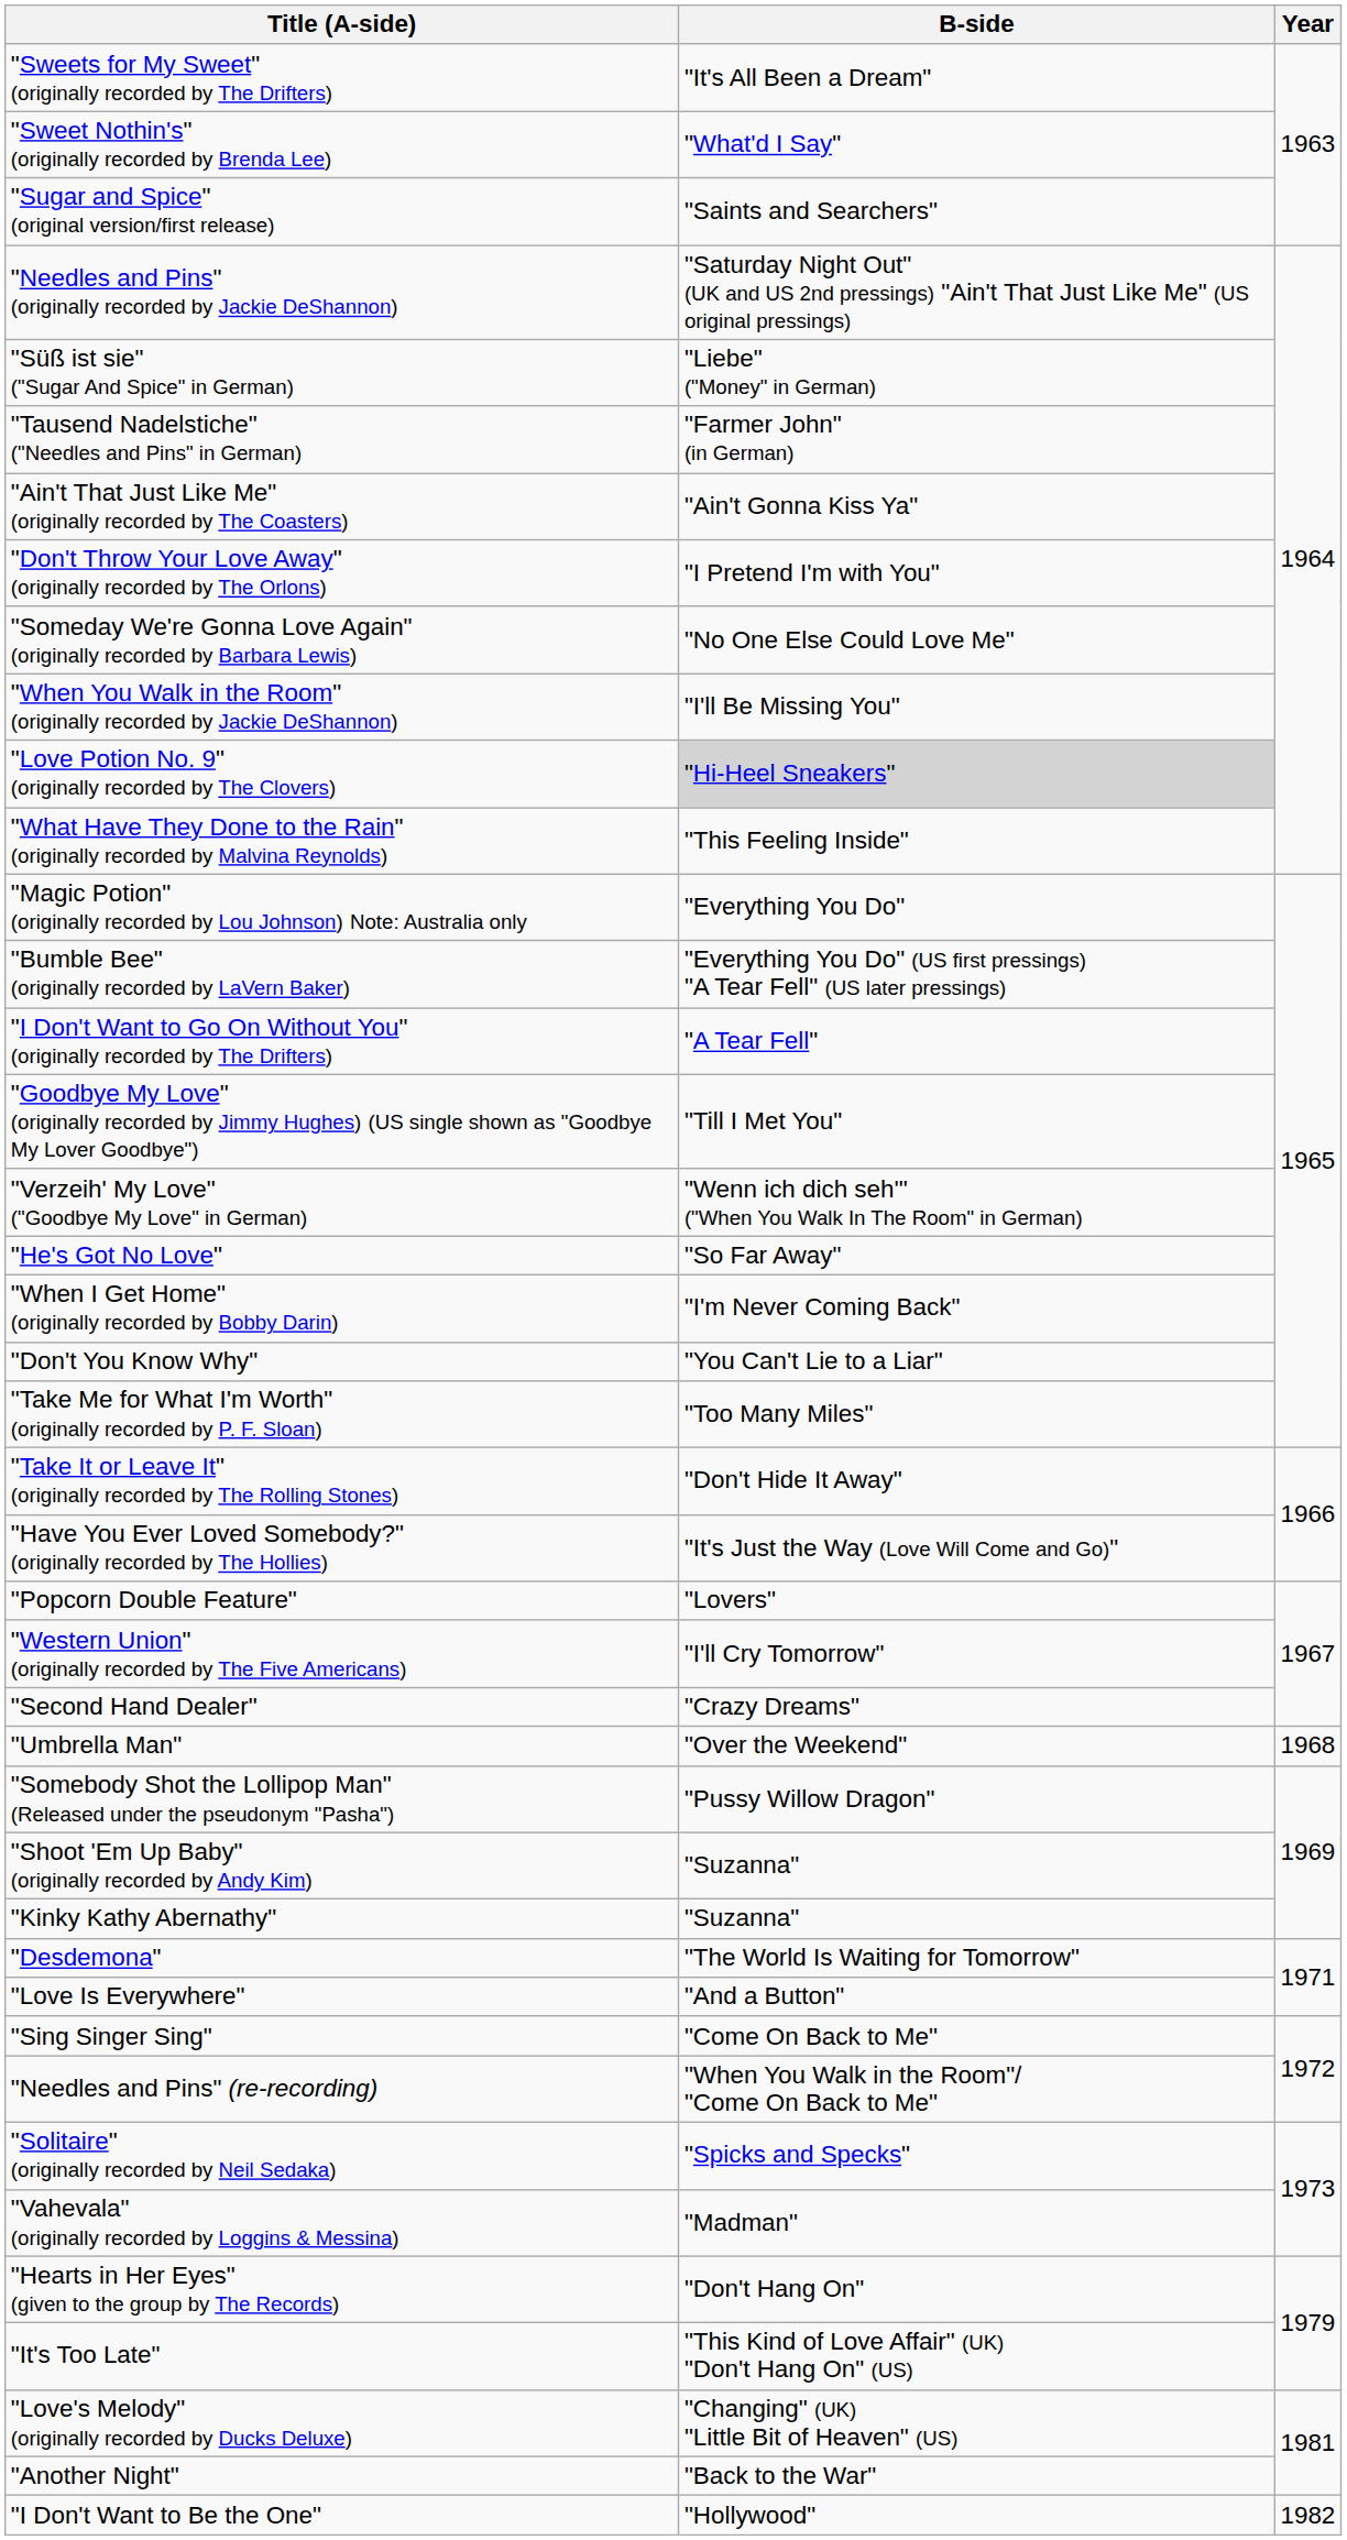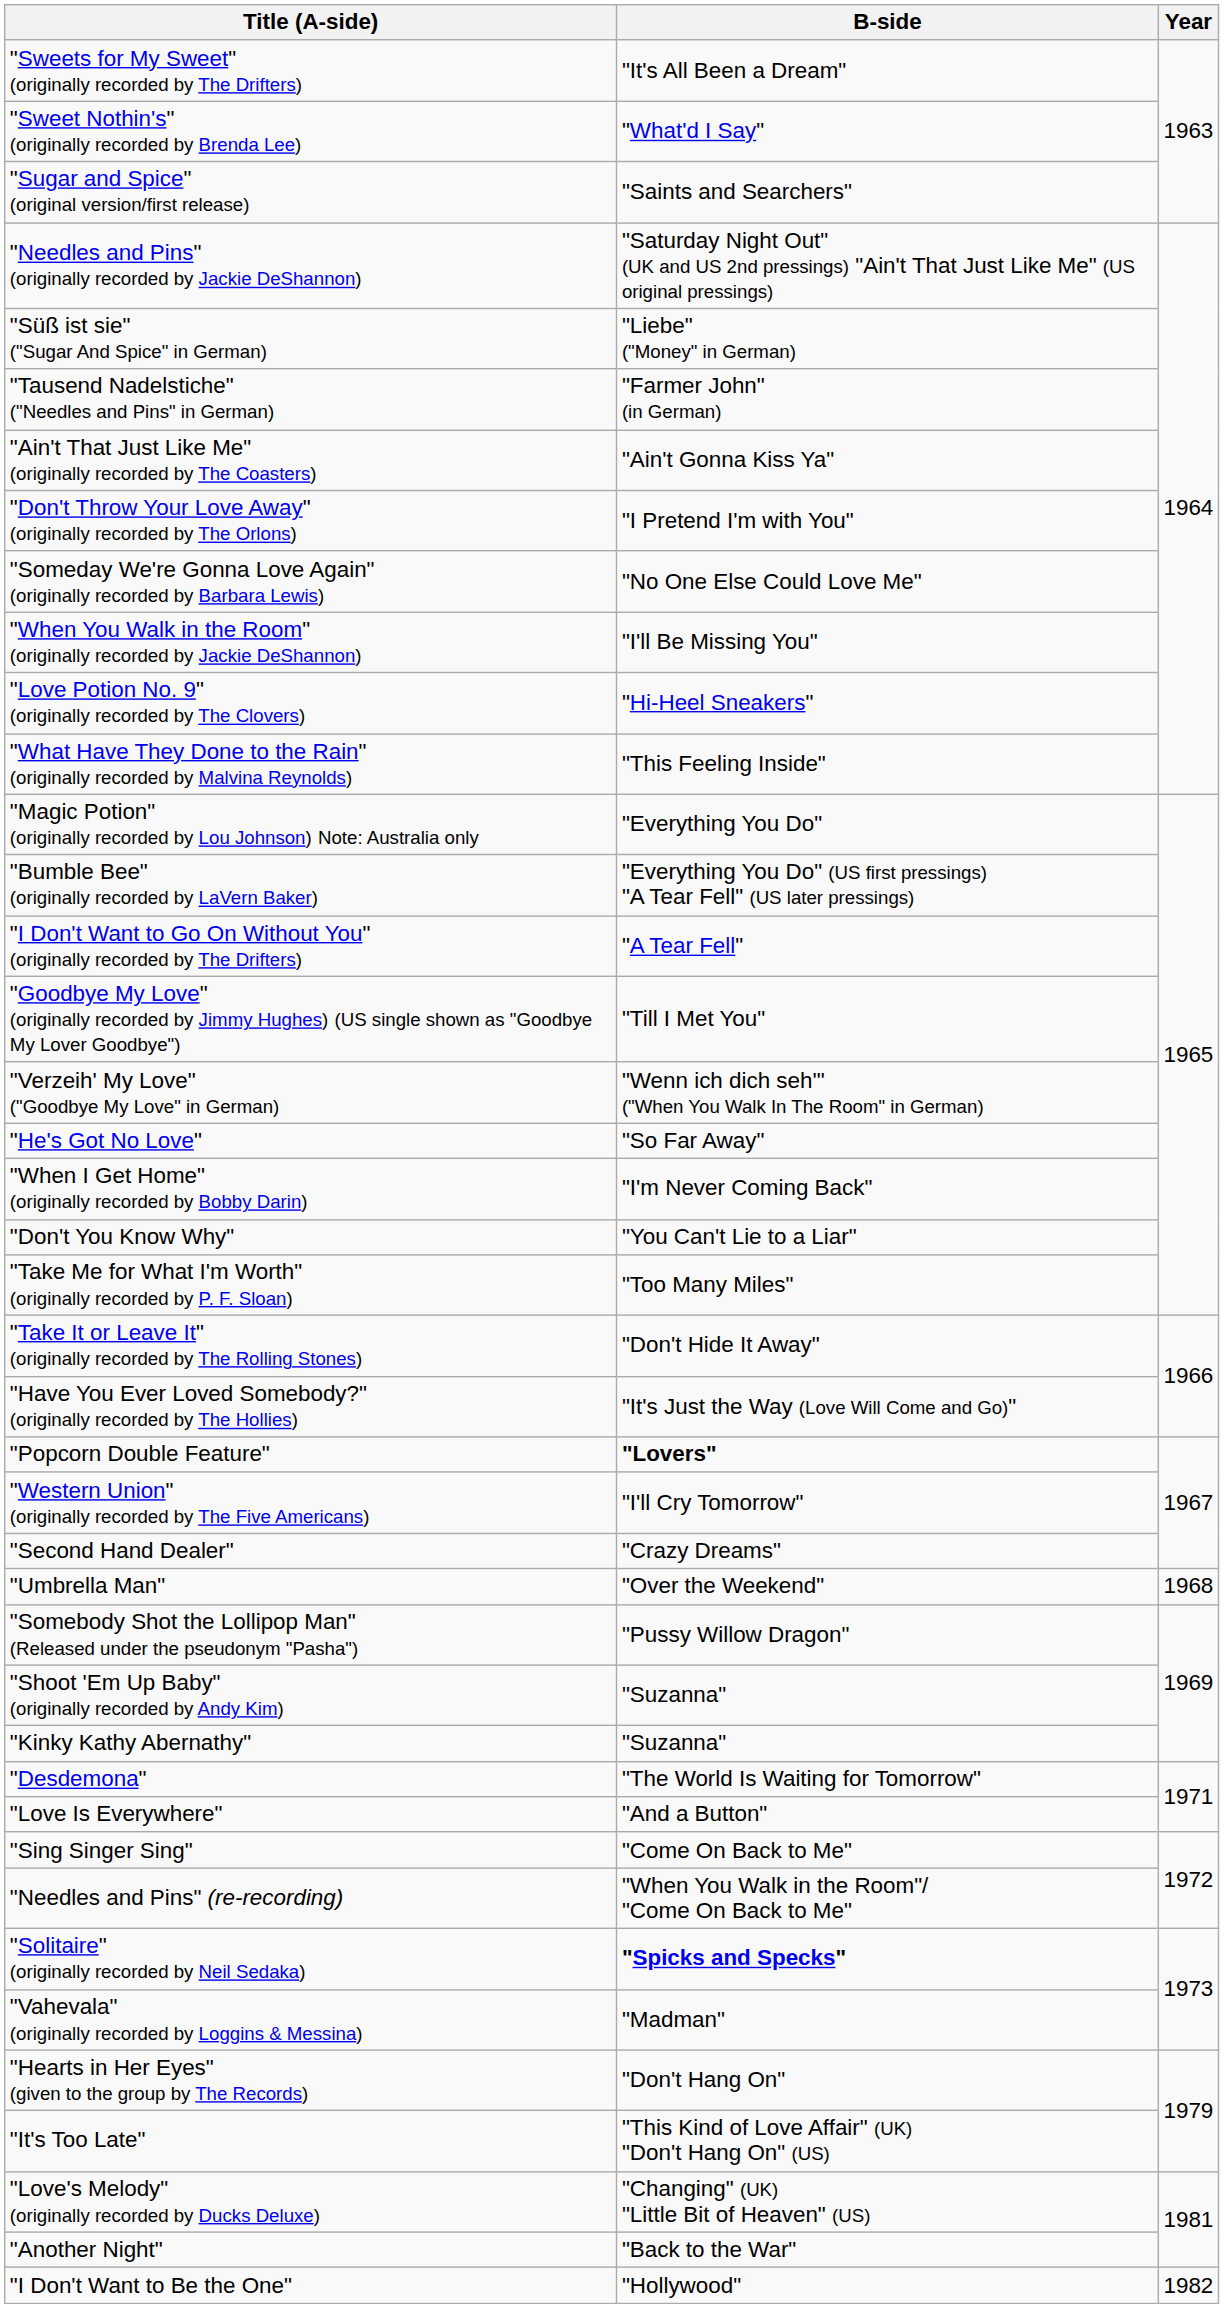 <table class="wikitable">
 <tr>
 <th>Title (A-side)</th>
 <th>B-side</th>
 <th>Year</th>
 </tr>
 <tr>
 <td>"<a href='#'>Sweets for My Sweet</a>"<br><small>(originally recorded by <a href='#'>The Drifters</a>)</small></td>
 <td>"It's All Been a Dream"</td>
 <td rowspan="3">1963</td>
 </tr>
 <tr>
 <td>"<a href='#'>Sweet Nothin's</a>"<br><small>(originally recorded by <a href='#'>Brenda Lee</a>)</small></td>
 <td>"<a href='#'>What'd I Say</a>"</td>
 </tr>
 <tr>
 <td>"<a href='#'>Sugar and Spice</a>"<br><small>(original version/first release)</small></td>
 <td>"Saints and Searchers"</td>
 </tr>
 <tr>
 <td>"<a href='#'>Needles and Pins</a>"<br><small>(originally recorded by <a href='#'>Jackie DeShannon</a>)</small></td>
 <td>"Saturday Night Out"<br><small>(UK and US 2nd pressings)</small> "Ain't That Just Like Me" <small>(US original pressings)</small></td>
 <td rowspan="9">1964</td>
 </tr>
 <tr>
 <td>"Süß ist sie"<br><small>("Sugar And Spice" in German)</small></td>
 <td>"Liebe"<br><small>("Money" in German)</small></td>
 </tr>
 <tr>
 <td>"Tausend Nadelstiche"<br><small>("Needles and Pins" in German)</small></td>
 <td>"Farmer John"<br><small>(in German)</small></td>
 </tr>
 <tr>
 <td>"Ain't That Just Like Me"<br><small>(originally recorded by <a href='#'>The Coasters</a>)</small></td>
 <td>"Ain't Gonna Kiss Ya"</td>
 </tr>
 <tr>
 <td>"<a href='#'>Don't Throw Your Love Away</a>"<br><small>(originally recorded by <a href='#'>The Orlons</a>)</small></td>
 <td>"I Pretend I'm with You"</td>
 </tr>
 <tr>
 <td>"Someday We're Gonna Love Again"<br><small>(originally recorded by <a href='#'>Barbara Lewis</a>)</small></td>
 <td>"No One Else Could Love Me"</td>
 </tr>
 <tr>
 <td>"<a href='#'>When You Walk in the Room</a>"<br><small>(originally recorded by <a href='#'>Jackie DeShannon</a>)</small></td>
 <td>"I'll Be Missing You"</td>
 </tr>
 <tr>
 <td>"<a href='#'>Love Potion No. 9</a>"<br><small>(originally recorded by <a href='#'>The Clovers</a>)</small></td>
-<td style="background: lightgrey;">"<a href='#'>Hi-Heel Sneakers</a>"</td>
+<td>"<a href='#'>Hi-Heel Sneakers</a>"</td>
 </tr>
 <tr>
 <td>"<a href='#'>What Have They Done to the Rain</a>"<br><small>(originally recorded by <a href='#'>Malvina Reynolds</a>)</small></td>
 <td>"This Feeling Inside"</td>
 </tr>
 <tr>
 <td>"Magic Potion"<br><small>(originally recorded by <a href='#'>Lou Johnson</a>)</small> <small>Note: Australia only</small></td>
 <td>"Everything You Do"</td>
 <td rowspan="9">1965</td>
 </tr>
 <tr>
 <td>"Bumble Bee"<br><small>(originally recorded by <a href='#'>LaVern Baker</a>)</small></td>
 <td>"Everything You Do" <small>(US first pressings)</small><br>"A Tear Fell" <small>(US later pressings)</small></td>
 </tr>
 <tr>
 <td>"<a href='#'>I Don't Want to Go On Without You</a>"<br><small>(originally recorded by <a href='#'>The Drifters</a>)</small></td>
 <td>"<a href='#'>A Tear Fell</a>"</td>
 </tr>
 <tr>
 <td>"<a href='#'>Goodbye My Love</a>"<br><small>(originally recorded by <a href='#'>Jimmy Hughes</a>)</small> <small>(US single shown as "Goodbye My Lover Goodbye")</small></td>
 <td>"Till I Met You"</td>
 </tr>
 <tr>
 <td>"Verzeih' My Love"<br><small>("Goodbye My Love" in German)</small></td>
 <td>"Wenn ich dich seh'"<br><small>("When You Walk In The Room" in German)</small></td>
 </tr>
 <tr>
 <td>"<a href='#'>He's Got No Love</a>"</td>
 <td>"So Far Away"</td>
 </tr>
 <tr>
 <td>"When I Get Home"<br><small>(originally recorded by <a href='#'>Bobby Darin</a>)</small></td>
 <td>"I'm Never Coming Back"</td>
 </tr>
 <tr>
 <td>"Don't You Know Why"</td>
 <td>"You Can't Lie to a Liar"</td>
 </tr>
 <tr>
 <td>"Take Me for What I'm Worth"<br><small>(originally recorded by <a href='#'>P. F. Sloan</a>)</small></td>
 <td>"Too Many Miles"</td>
 </tr>
 <tr>
 <td>"<a href='#'>Take It or Leave It</a>"<br><small>(originally recorded by <a href='#'>The Rolling Stones</a>)</small></td>
 <td>"Don't Hide It Away"</td>
 <td rowspan="2">1966</td>
 </tr>
 <tr>
 <td>"Have You Ever Loved Somebody?"<br><small>(originally recorded by <a href='#'>The Hollies</a>)</small></td>
 <td>"It's Just the Way <small>(Love Will Come and Go)</small>"</td>
 </tr>
 <tr>
 <td>"Popcorn Double Feature"</td>
-<td>"Lovers"</td>
+<td><strong>"Lovers"</strong></td>
 <td rowspan="3">1967</td>
 </tr>
 <tr>
 <td>"<a href='#'>Western Union</a>"<br><small>(originally recorded by <a href='#'>The Five Americans</a>)</small></td>
 <td>"I'll Cry Tomorrow"</td>
 </tr>
 <tr>
 <td>"Second Hand Dealer"</td>
 <td>"Crazy Dreams"</td>
 </tr>
 <tr>
 <td>"Umbrella Man"</td>
 <td>"Over the Weekend"</td>
 <td>1968</td>
 </tr>
 <tr>
 <td>"Somebody Shot the Lollipop Man"<br><small>(Released under the pseudonym "Pasha")</small></td>
 <td>"Pussy Willow Dragon"</td>
 <td rowspan="3">1969</td>
 </tr>
 <tr>
 <td>"Shoot 'Em Up Baby"<br><small>(originally recorded by <a href='#'>Andy Kim</a>)</small></td>
 <td>"Suzanna"</td>
 </tr>
 <tr>
 <td>"Kinky Kathy Abernathy"</td>
 <td>"Suzanna"</td>
 </tr>
 <tr>
 <td>"<a href='#'>Desdemona</a>"</td>
 <td>"The World Is Waiting for Tomorrow"</td>
 <td rowspan="2">1971</td>
 </tr>
 <tr>
 <td>"Love Is Everywhere"</td>
 <td>"And a Button"</td>
 </tr>
 <tr>
 <td>"Sing Singer Sing"</td>
 <td>"Come On Back to Me"</td>
 <td rowspan="2">1972</td>
 </tr>
 <tr>
 <td>"Needles and Pins" <em>(re-recording)</em></td>
 <td>"When You Walk in the Room"/<br>"Come On Back to Me"</td>
 </tr>
 <tr>
 <td>"<a href='#'>Solitaire</a>"<br><small>(originally recorded by <a href='#'>Neil Sedaka</a>)</small></td>
-<td>"<a href='#'>Spicks and Specks</a>"</td>
+<td><strong>"<a href='#'>Spicks and Specks</a>"</strong></td>
 <td rowspan="2">1973</td>
 </tr>
 <tr>
 <td>"Vahevala"<br><small>(originally recorded by <a href='#'>Loggins & Messina</a>)</small></td>
 <td>"Madman"</td>
 </tr>
 <tr>
 <td>"Hearts in Her Eyes"<br><small>(given to the group by <a href='#'>The Records</a>)</small></td>
 <td>"Don't Hang On"</td>
 <td rowspan="2">1979</td>
 </tr>
 <tr>
 <td>"It's Too Late"</td>
 <td>"This Kind of Love Affair" <small>(UK)</small><br>"Don't Hang On" <small>(US)</small></td>
 </tr>
 <tr>
 <td>"Love's Melody"<br><small>(originally recorded by <a href='#'>Ducks Deluxe</a>)</small></td>
 <td>"Changing" <small>(UK)</small><br>"Little Bit of Heaven" <small>(US)</small></td>
 <td rowspan="2">1981</td>
 </tr>
 <tr>
 <td>"Another Night"</td>
 <td>"Back to the War"</td>
 </tr>
 <tr>
 <td>"I Don't Want to Be the One"</td>
 <td>"Hollywood"</td>
 <td>1982</td>
 </tr>
 </table>
